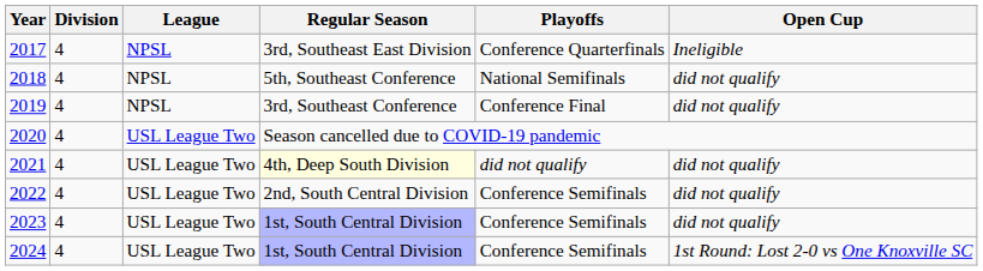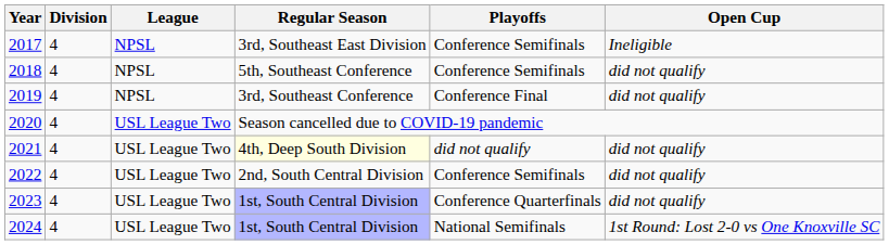 <table class="wikitable">
 <tr>
 <th>Year</th>
 <th>Division</th>
 <th>League</th>
 <th>Regular Season</th>
 <th>Playoffs</th>
 <th>Open Cup</th>
 </tr>
 <tr>
 <td><a href='#'>2017</a></td>
 <td>4</td>
 <td><a href='#'>NPSL</a></td>
 <td>3rd, Southeast East Division</td>
-<td>Conference Quarterfinals</td>
+<td>Conference Semifinals</td>
 <td><em>Ineligible</em></td>
 </tr>
 <tr>
 <td><a href='#'>2018</a></td>
 <td>4</td>
 <td>NPSL</td>
 <td>5th, Southeast Conference</td>
-<td>National Semifinals</td>
+<td>Conference Semifinals</td>
 <td><em>did not qualify</em></td>
 </tr>
 <tr>
 <td><a href='#'>2019</a></td>
 <td>4</td>
 <td>NPSL</td>
 <td>3rd, Southeast Conference</td>
 <td>Conference Final</td>
 <td><em>did not qualify</em></td>
 </tr>
 <tr>
 <td><a href='#'>2020</a></td>
 <td>4</td>
 <td><a href='#'>USL League Two</a></td>
 <td colspan=3>Season cancelled due to <a href='#'>COVID-19 pandemic</a></td>
 </tr>
 <tr>
 <td><a href='#'>2021</a></td>
 <td>4</td>
 <td>USL League Two</td>
 <td style="background: lightyellow;">4th, Deep South Division</td>
 <td><em>did not qualify</em></td>
 <td><em>did not qualify</em></td>
 </tr>
 <tr>
 <td><a href='#'>2022</a></td>
 <td>4</td>
 <td>USL League Two</td>
 <td>2nd, South Central Division</td>
 <td>Conference Semifinals</td>
 <td><em>did not qualify</em></td>
 </tr>
 <tr>
 <td><a href='#'>2023</a></td>
 <td>4</td>
 <td>USL League Two</td>
 <td bgcolor="B3B7FF">1st, South Central Division</td>
-<td>Conference Semifinals</td>
+<td>Conference Quarterfinals</td>
 <td><em>did not qualify</em></td>
 </tr>
 <tr>
 <td><a href='#'>2024</a></td>
 <td>4</td>
 <td>USL League Two</td>
 <td bgcolor="B3B7FF">1st, South Central Division</td>
-<td>Conference Semifinals</td>
+<td>National Semifinals</td>
 <td><em>1st Round: Lost 2-0 vs <a href='#'>One Knoxville SC</a></em></td>
 </tr>
 </table>
